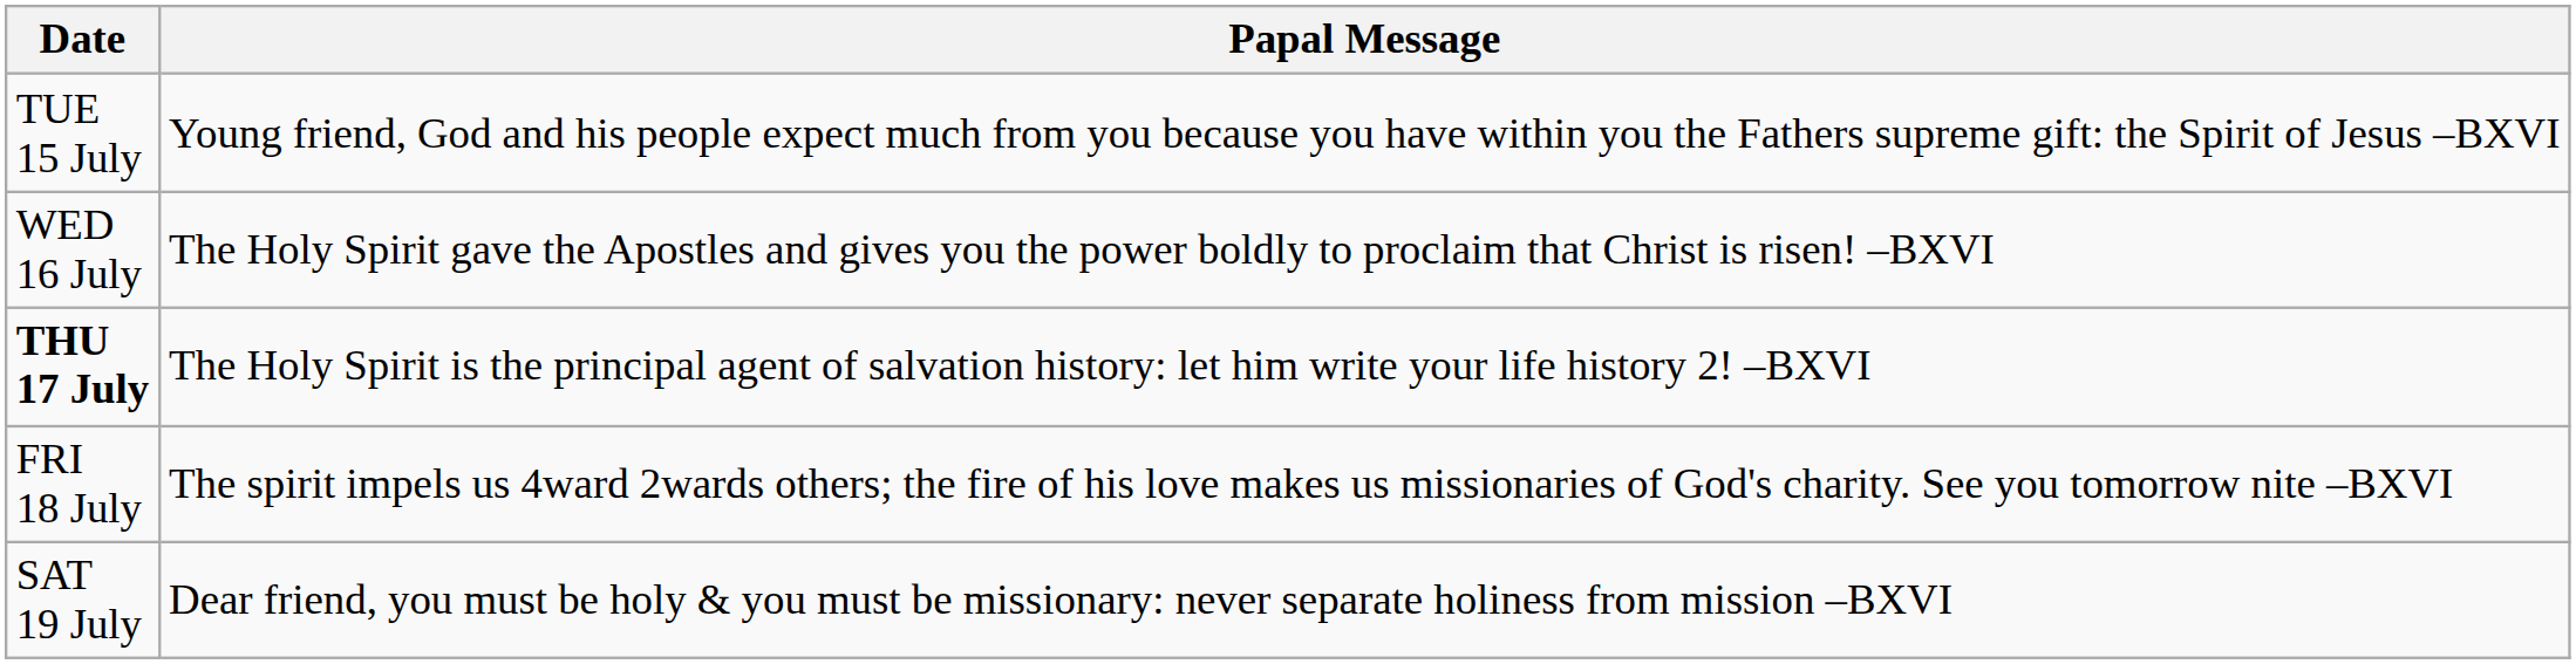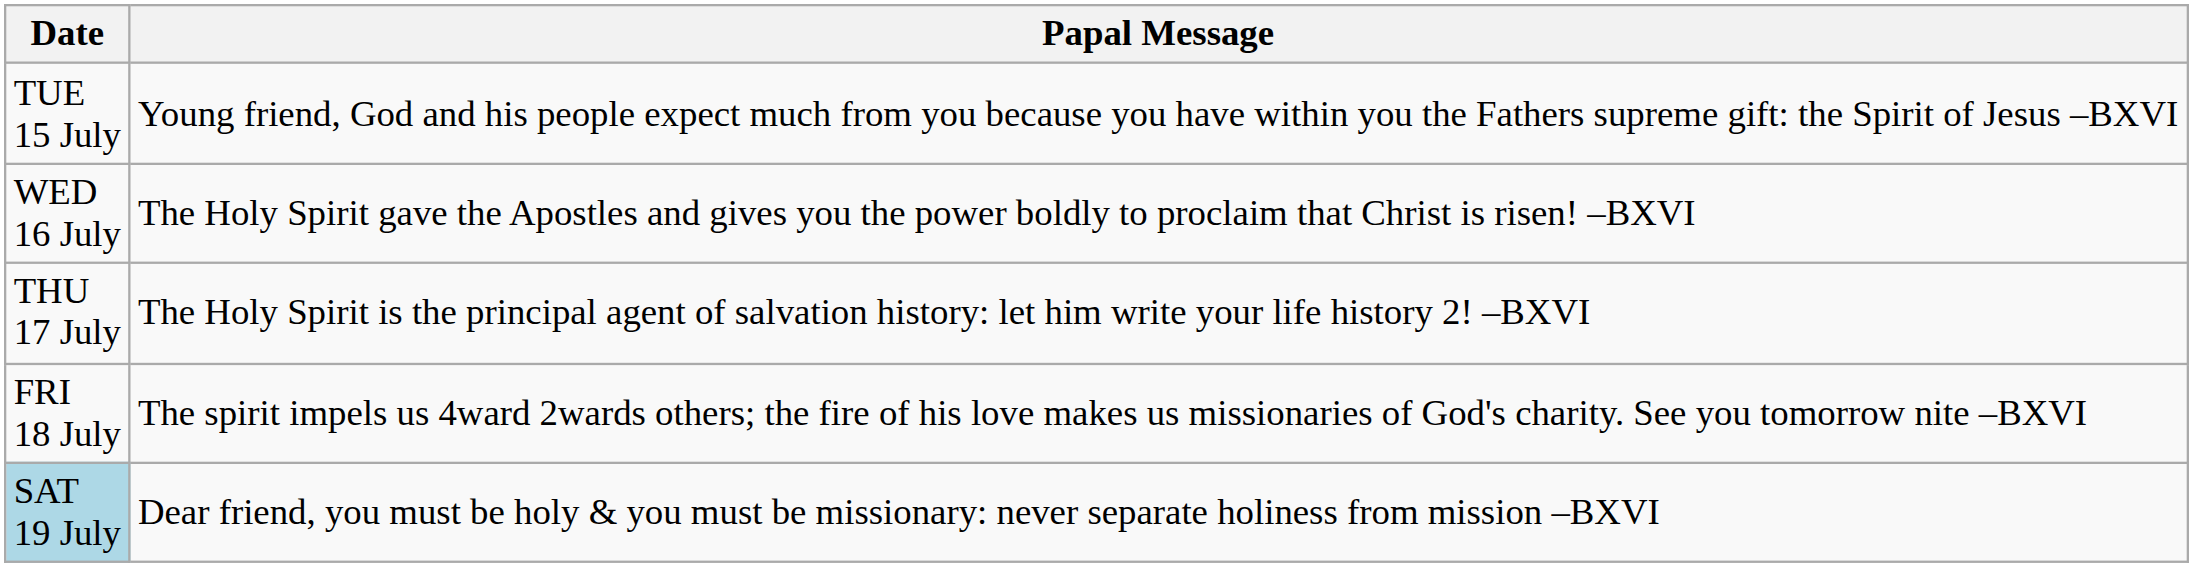 <table class="wikitable">
 <tr>
 <th>Date</th>
 <th>Papal Message</th>
 </tr>
 <tr>
 <td>TUE<br>15 July</td>
 <td>Young friend, God and his people expect much from you because you have within you the Fathers supreme gift: the Spirit of Jesus –BXVI</td>
 </tr>
 <tr>
 <td>WED<br>16 July</td>
 <td>The Holy Spirit gave the Apostles and gives you the power boldly to proclaim that Christ is risen! –BXVI</td>
 </tr>
 <tr>
-<td><strong>THU<br>17 July</strong></td>
+<td>THU<br>17 July</td>
 <td>The Holy Spirit is the principal agent of salvation history: let him write your life history 2! –BXVI</td>
 </tr>
 <tr>
 <td>FRI<br>18 July</td>
 <td>The spirit impels us 4ward 2wards others; the fire of his love makes us missionaries of God's charity. See you tomorrow nite –BXVI</td>
 </tr>
 <tr>
-<td>SAT<br>19 July</td>
+<td style="background: lightblue;">SAT<br>19 July</td>
 <td>Dear friend, you must be holy & you must be missionary: never separate holiness from mission –BXVI</td>
 </tr>
 </table>
